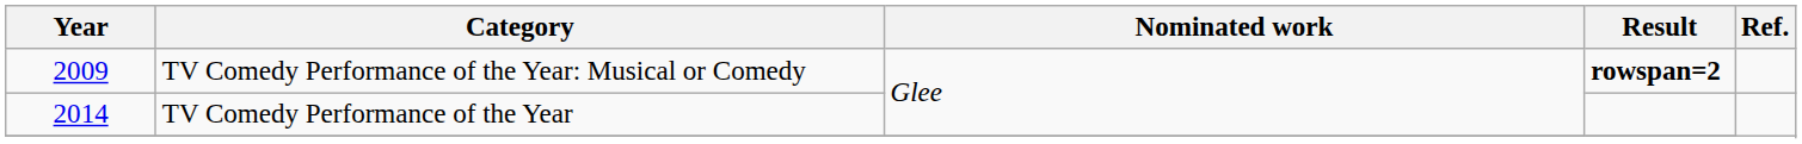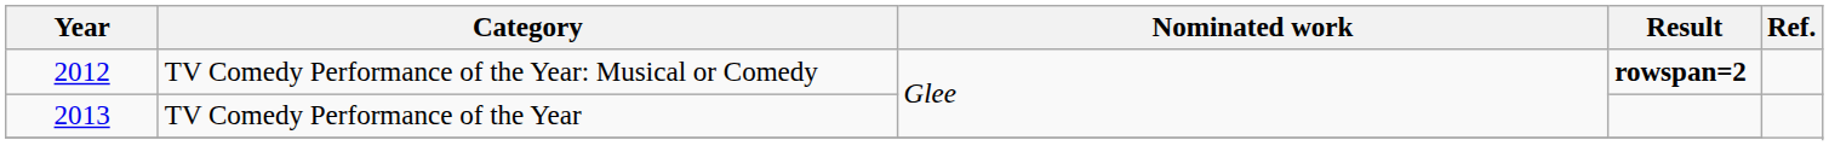 <table class=wikitable>
 <tr>
 <th scope="col" style="width:5em;">Year</th>
 <th scope="col" style="width:26em;">Category</th>
 <th scope="col" style="width:25em;">Nominated work</th>
 <th scope="col" style="width:5em;">Result</th>
 <th>Ref.</th>
 </tr>
 <tr>
-<td style="text-align:center;"><a href='#'>2009</a></td>
+<td style="text-align:center;"><a href='#'>2012</a></td>
 <td>TV Comedy Performance of the Year: Musical or Comedy</td>
 <td rowspan=2><em>Glee</em></td>
 <td><strong>rowspan=2 </strong></td>
 <td style="text-align:center;"></td>
 </tr>
 <tr>
-<td style="text-align:center;"><a href='#'>2014</a></td>
+<td style="text-align:center;"><a href='#'>2013</a></td>
 <td>TV Comedy Performance of the Year</td>
 <td style="text-align:center;"></td>
 </tr>
 <tr>
 </tr>
 </table>
